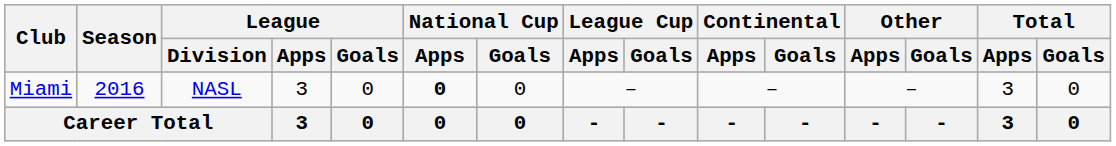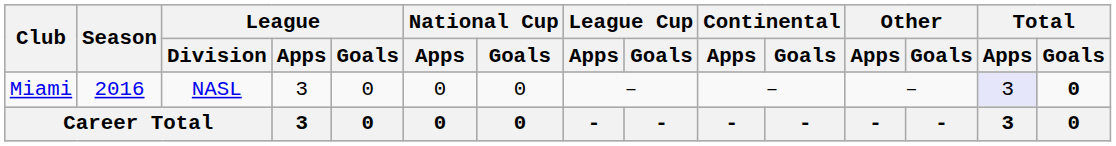 <table class="wikitable" style="text-align: center;">
 <tr>
 <th rowspan="2">Club</th>
 <th rowspan="2">Season</th>
 <th colspan="3">League</th>
 <th colspan="2">National Cup</th>
 <th colspan="2">League Cup</th>
 <th colspan="2">Continental</th>
 <th colspan="2">Other</th>
 <th colspan="2">Total</th>
 </tr>
 <tr>
 <th>Division</th>
 <th>Apps</th>
 <th>Goals</th>
 <th>Apps</th>
 <th>Goals</th>
 <th>Apps</th>
 <th>Goals</th>
 <th>Apps</th>
 <th>Goals</th>
 <th>Apps</th>
 <th>Goals</th>
 <th>Apps</th>
 <th>Goals</th>
 </tr>
 <tr>
 <td valign="center"><a href='#'>Miami</a></td>
 <td><a href='#'>2016</a></td>
 <td><a href='#'>NASL</a></td>
 <td>3</td>
 <td>0</td>
-<td><strong>0</strong></td>
+<td>0</td>
 <td>0</td>
 <td colspan="2">–</td>
 <td colspan="2">–</td>
 <td colspan="2">–</td>
-<td>3</td>
-<td>0</td>
+<td style="background: lavender;">3</td>
+<td><strong>0</strong></td>
 </tr>
 <tr>
 <th colspan="3">Career Total</th>
 <th>3</th>
 <th>0</th>
 <th>0</th>
 <th>0</th>
 <th>-</th>
 <th>-</th>
 <th>-</th>
 <th>-</th>
 <th>-</th>
 <th>-</th>
 <th>3</th>
 <th>0</th>
 </tr>
 </table>
